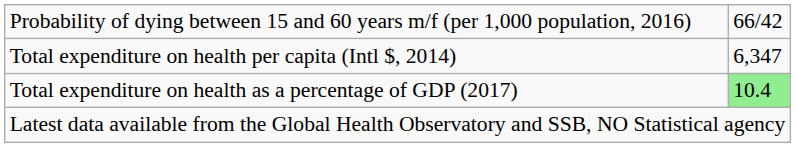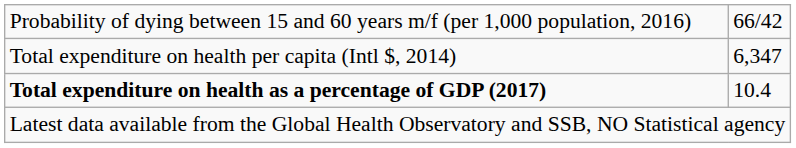 <table class="wikitable">
 <tr>
 <td>Probability of dying between 15 and 60 years m/f (per 1,000 population, 2016)</td>
 <td>66/42</td>
 </tr>
 <tr>
 <td>Total expenditure on health per capita (Intl $, 2014)</td>
 <td>6,347</td>
 </tr>
 <tr>
-<td>Total expenditure on health as a percentage of GDP (2017)</td>
-<td style="background: lightgreen;">10.4</td>
+<td><strong>Total expenditure on health as a percentage of GDP (2017)</strong></td>
+<td>10.4</td>
 </tr>
 <tr>
 <td colspan="2">Latest data available from the Global Health Observatory and SSB, NO Statistical agency </td>
 </tr>
 </table>
